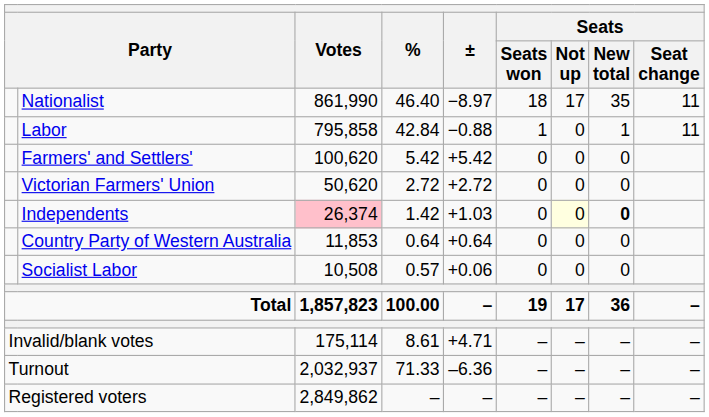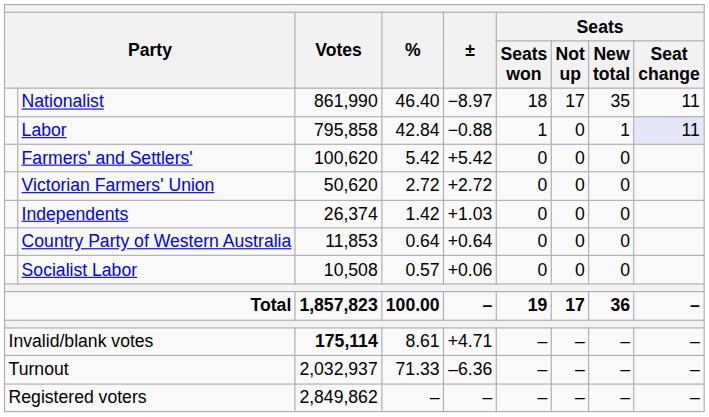 <table class="wikitable sortable tpl-blanktable" style="text-align:right; margin-bottom:0">
 <tr>
 <th colspan="9"></th>
 </tr>
 <tr>
 <th colspan="2" rowspan="2">Party</th>
 <th rowspan="2">Votes</th>
 <th rowspan="2">%</th>
 <th rowspan="2">±</th>
 <th colspan="4">Seats</th>
 </tr>
 <tr>
 <th>Seats<br>won</th>
 <th>Not<br>up</th>
 <th>New<br>total</th>
 <th>Seat<br>change</th>
 </tr>
 <tr>
 <td> </td>
 <td style="text-align:left;"><a href='#'>Nationalist</a></td>
 <td>861,990</td>
 <td>46.40</td>
 <td>−8.97</td>
 <td>18</td>
 <td>17</td>
 <td>35</td>
 <td> 11</td>
 </tr>
 <tr>
 <td> </td>
 <td style="text-align:left;"><a href='#'>Labor</a></td>
 <td>795,858</td>
 <td>42.84</td>
 <td>−0.88</td>
 <td>1</td>
 <td>0</td>
 <td>1</td>
-<td> 11</td>
+<td style="background: lavender;"> 11</td>
 </tr>
 <tr>
 <td> </td>
 <td style="text-align:left;"><a href='#'>Farmers' and Settlers'</a></td>
 <td>100,620</td>
 <td>5.42</td>
 <td>+5.42</td>
 <td>0</td>
 <td>0</td>
 <td>0</td>
 <td></td>
 </tr>
 <tr>
 <td> </td>
 <td style="text-align:left;"><a href='#'>Victorian Farmers' Union</a></td>
 <td>50,620</td>
 <td>2.72</td>
 <td>+2.72</td>
 <td>0</td>
 <td>0</td>
 <td>0</td>
 <td></td>
 </tr>
 <tr>
 <td> </td>
 <td style="text-align:left;"><a href='#'>Independents</a></td>
-<td style="background: pink;">26,374</td>
+<td>26,374</td>
 <td>1.42</td>
 <td>+1.03</td>
 <td>0</td>
-<td style="background: lightyellow;">0</td>
-<td><strong>0</strong></td>
+<td>0</td>
+<td>0</td>
 <td></td>
 </tr>
 <tr>
 <td> </td>
 <td style="text-align:left;"><a href='#'>Country Party of Western Australia</a></td>
 <td>11,853</td>
 <td>0.64</td>
 <td>+0.64</td>
 <td>0</td>
 <td>0</td>
 <td>0</td>
 <td></td>
 </tr>
 <tr>
 <td> </td>
 <td style="text-align:left;"><a href='#'>Socialist Labor</a></td>
 <td>10,508</td>
 <td>0.57</td>
 <td>+0.06</td>
 <td>0</td>
 <td>0</td>
 <td>0</td>
 <td></td>
 </tr>
 <tr>
 <th colspan=9></th>
 </tr>
 <tr>
 <td colspan="2"><strong>Total</strong></td>
 <td><strong>1,857,823</strong></td>
 <td><strong>100.00</strong></td>
 <td><strong>–</strong></td>
 <td><strong>19</strong></td>
 <td><strong>17</strong></td>
 <td><strong>36</strong></td>
 <td><strong>–</strong></td>
 </tr>
 <tr>
 <th colspan=9></th>
 </tr>
 <tr>
 <td colspan="2" align=left>Invalid/blank votes</td>
-<td>175,114</td>
+<td><strong>175,114</strong></td>
 <td>8.61</td>
 <td>+4.71</td>
 <td>–</td>
 <td>–</td>
 <td>–</td>
 <td>–</td>
 </tr>
 <tr>
 <td colspan="2" align=left>Turnout</td>
 <td>2,032,937</td>
 <td>71.33</td>
 <td>–6.36</td>
 <td>–</td>
 <td>–</td>
 <td>–</td>
 <td>–</td>
 </tr>
 <tr>
 <td colspan="2" align=left>Registered voters</td>
 <td>2,849,862</td>
 <td>–</td>
 <td>–</td>
 <td>–</td>
 <td>–</td>
 <td>–</td>
 <td>–</td>
 </tr>
 </table>
